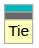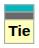 <table class="wikitable" style="text-align: center; font-size: 90%">
 <tr>
 <td style="background:#00b7bd;"></td>
 </tr>
 <tr>
 <td style="background:#696969;"></td>
 </tr>
 <tr>
-<td style="background:#FFFFBB;">Tie</td>
+<td style="background:#FFFFBB;"><strong>Tie</strong></td>
 </tr>
 </table>
